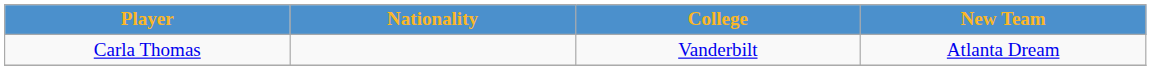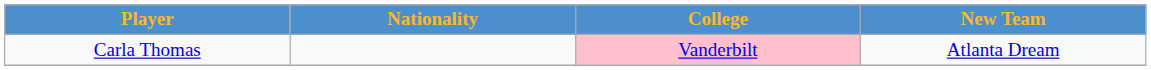 <table class="wikitable" style="text-align:center; width:60em">
 <tr>
 <th style="background:#4b90cc; color:#Fbb726" width="10%">Player</th>
 <th style="background:#4b90cc; color:#Fbb726" width="10%">Nationality</th>
 <th style="background:#4b90cc; color:#Fbb726" width="10%">College</th>
 <th style="background:#4b90cc; color:#Fbb726" width="10%">New Team</th>
 </tr>
 <tr>
 <td><a href='#'>Carla Thomas</a></td>
 <td></td>
-<td><a href='#'>Vanderbilt</a></td>
+<td style="background: pink;"><a href='#'>Vanderbilt</a></td>
 <td><a href='#'>Atlanta Dream</a></td>
 </tr>
 <tr>
 </tr>
 </table>
